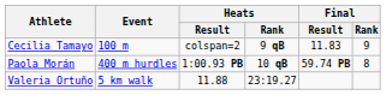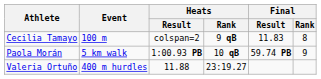 <table class="wikitable" style="font-size:90%">
 <tr>
 <th rowspan=2>Athlete</th>
 <th rowspan=2>Event</th>
 <th colspan=2>Heats</th>
 <th colspan=2>Final</th>
 </tr>
 <tr style="font-size:95%">
 <th>Result</th>
 <th>Rank</th>
 <th>Result</th>
 <th>Rank</th>
 </tr>
 <tr align=center>
 <td align=left><a href='#'>Cecilia Tamayo</a></td>
 <td align=left><a href='#'>100 m</a></td>
 <td>colspan=2 </td>
 <td>9 <strong>qB</strong></td>
 <td>11.83</td>
+<td>8</td>
+</tr>
+<tr align=center>
+<td align=left><a href='#'>Paola Morán</a></td>
+<td align=left><a href='#'>5 km walk</a></td>
+<td>1:00.93 <strong>PB</strong></td>
+<td>10 <strong>qB</strong></td>
+<td>59.74 <strong>PB</strong></td>
 <td>9</td>
 </tr>
 <tr align=center>
-<td align=left><a href='#'>Paola Morán</a></td>
+<td align=left><a href='#'>Valeria Ortuño</a></td>
 <td align=left><a href='#'>400 m hurdles</a></td>
-<td>1:00.93 <strong>PB</strong></td>
-<td>10 <strong>qB</strong></td>
-<td>59.74 <strong>PB</strong></td>
-<td>8</td>
-</tr>
-<tr align=center>
-<td align=left><a href='#'>Valeria Ortuño</a></td>
-<td align=left><a href='#'>5 km walk</a></td>
 <td>11.88</td>
 <td>23:19.27</td>
 <td></td>
 </tr>
 </table>
